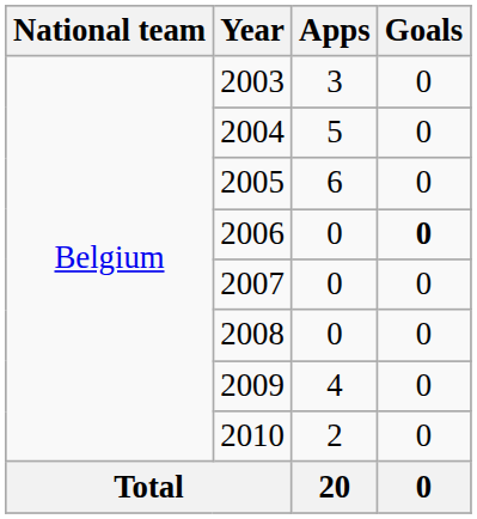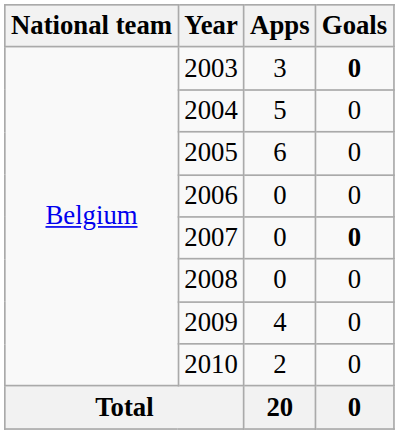 <table class="wikitable" style="text-align:center">
 <tr>
 <th>National team</th>
 <th>Year</th>
 <th>Apps</th>
 <th>Goals</th>
 </tr>
 <tr>
 <td rowspan="8"><a href='#'>Belgium</a></td>
 <td>2003</td>
 <td>3</td>
-<td>0</td>
+<td><strong>0</strong></td>
 </tr>
 <tr>
 <td>2004</td>
 <td>5</td>
 <td>0</td>
 </tr>
 <tr>
 <td>2005</td>
 <td>6</td>
 <td>0</td>
 </tr>
 <tr>
 <td>2006</td>
 <td>0</td>
-<td><strong>0</strong></td>
+<td>0</td>
 </tr>
 <tr>
 <td>2007</td>
 <td>0</td>
-<td>0</td>
+<td><strong>0</strong></td>
 </tr>
 <tr>
 <td>2008</td>
 <td>0</td>
 <td>0</td>
 </tr>
 <tr>
 <td>2009</td>
 <td>4</td>
 <td>0</td>
 </tr>
 <tr>
 <td>2010</td>
 <td>2</td>
 <td>0</td>
 </tr>
 <tr>
 <th colspan="2">Total</th>
 <th>20</th>
 <th>0</th>
 </tr>
 </table>
